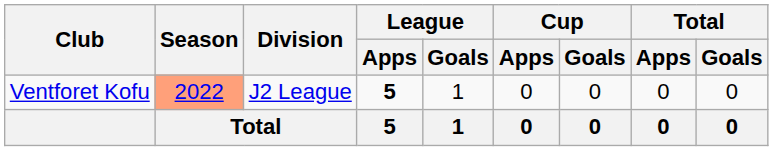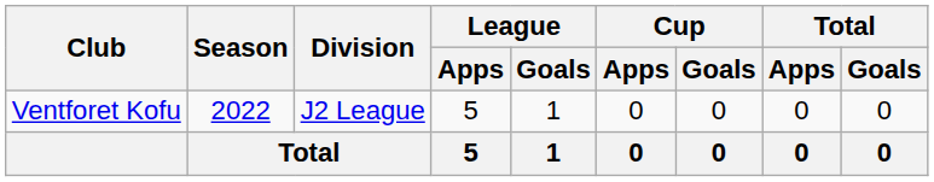 <table class="wikitable" style="text-align: center;">
 <tr>
 <th rowspan="2">Club</th>
 <th rowspan="2">Season</th>
 <th rowspan="2">Division</th>
 <th colspan="2">League</th>
 <th colspan="2">Cup</th>
 <th colspan="2">Total</th>
 </tr>
 <tr>
 <th>Apps</th>
 <th>Goals</th>
 <th>Apps</th>
 <th>Goals</th>
 <th>Apps</th>
 <th>Goals</th>
 </tr>
 <tr>
 <td><a href='#'>Ventforet Kofu</a></td>
-<td style="background: lightsalmon;"><a href='#'>2022</a></td>
+<td><a href='#'>2022</a></td>
 <td><a href='#'>J2 League</a></td>
-<td><strong>5</strong></td>
+<td>5</td>
 <td>1</td>
 <td>0</td>
 <td>0</td>
 <td>0</td>
 <td>0</td>
 </tr>
 <tr>
 <th></th>
 <th colspan="2">Total</th>
 <th>5</th>
 <th>1</th>
 <th>0</th>
 <th>0</th>
 <th>0</th>
 <th>0</th>
 </tr>
 </table>
